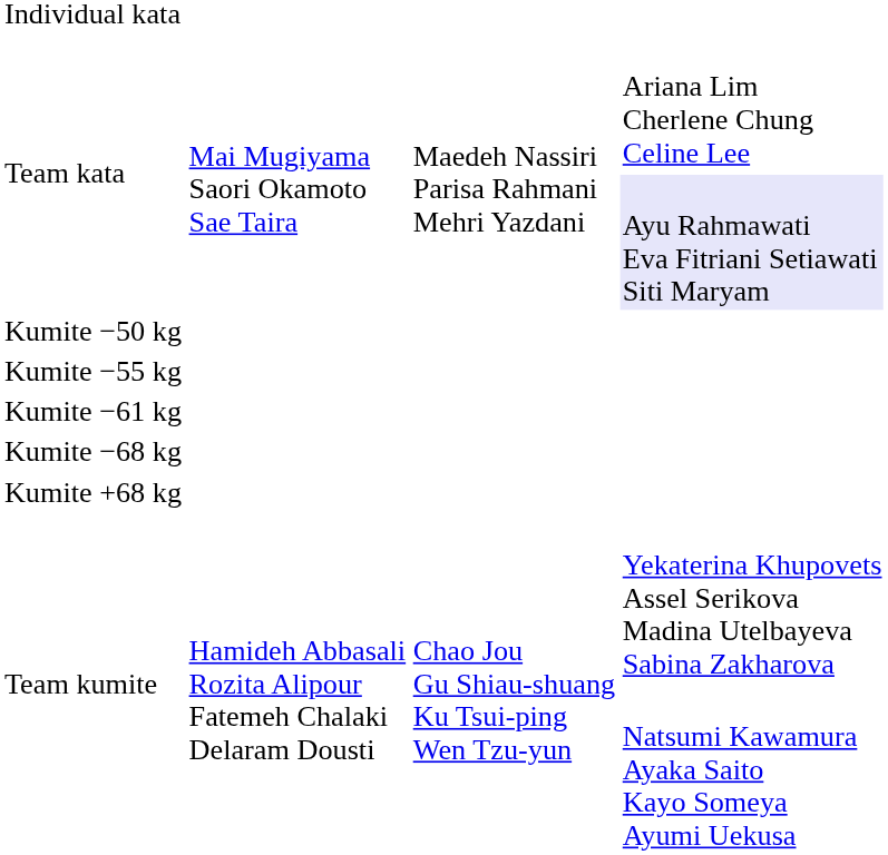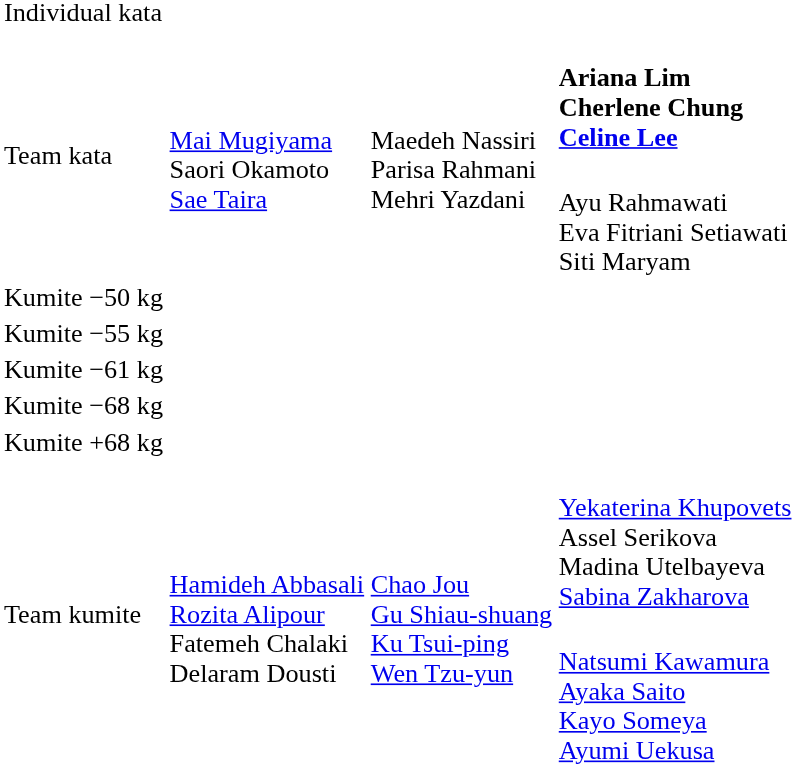 <table>
 <tr>
 <td rowspan=2>Individual kata</td>
 <td rowspan=2></td>
 <td rowspan=2></td>
 <td></td>
 </tr>
 <tr>
 <td></td>
 </tr>
 <tr>
 <td rowspan=2>Team kata</td>
 <td rowspan=2><br><a href='#'>Mai Mugiyama</a><br>Saori Okamoto<br><a href='#'>Sae Taira</a></td>
 <td rowspan=2><br>Maedeh Nassiri<br>Parisa Rahmani<br>Mehri Yazdani</td>
-<td><br>Ariana Lim<br>Cherlene Chung<br><a href='#'>Celine Lee</a></td>
+<td><strong><br>Ariana Lim<br>Cherlene Chung<br><a href='#'>Celine Lee</a></strong></td>
 </tr>
 <tr>
-<td style="background: lavender;"><br>Ayu Rahmawati<br>Eva Fitriani Setiawati<br>Siti Maryam</td>
+<td><br>Ayu Rahmawati<br>Eva Fitriani Setiawati<br>Siti Maryam</td>
 </tr>
 <tr>
 <td rowspan=2>Kumite −50 kg</td>
 <td rowspan=2></td>
 <td rowspan=2></td>
 <td></td>
 </tr>
 <tr>
 <td></td>
 </tr>
 <tr>
 <td rowspan=2>Kumite −55 kg</td>
 <td rowspan=2></td>
 <td rowspan=2></td>
 <td></td>
 </tr>
 <tr>
 <td></td>
 </tr>
 <tr>
 <td rowspan=2>Kumite −61 kg</td>
 <td rowspan=2></td>
 <td rowspan=2></td>
 <td></td>
 </tr>
 <tr>
 <td></td>
 </tr>
 <tr>
 <td rowspan=2>Kumite −68 kg</td>
 <td rowspan=2></td>
 <td rowspan=2></td>
 <td></td>
 </tr>
 <tr>
 <td></td>
 </tr>
 <tr>
 <td rowspan=2>Kumite +68 kg</td>
 <td rowspan=2></td>
 <td rowspan=2></td>
 <td></td>
 </tr>
 <tr>
 <td></td>
 </tr>
 <tr>
 <td rowspan=2>Team kumite</td>
 <td rowspan=2><br><a href='#'>Hamideh Abbasali</a><br><a href='#'>Rozita Alipour</a><br>Fatemeh Chalaki<br>Delaram Dousti</td>
 <td rowspan=2><br><a href='#'>Chao Jou</a><br><a href='#'>Gu Shiau-shuang</a><br><a href='#'>Ku Tsui-ping</a><br><a href='#'>Wen Tzu-yun</a></td>
 <td><br><a href='#'>Yekaterina Khupovets</a><br>Assel Serikova<br>Madina Utelbayeva<br><a href='#'>Sabina Zakharova</a></td>
 </tr>
 <tr>
 <td><br><a href='#'>Natsumi Kawamura</a><br><a href='#'>Ayaka Saito</a><br><a href='#'>Kayo Someya</a><br><a href='#'>Ayumi Uekusa</a></td>
 </tr>
 </table>
